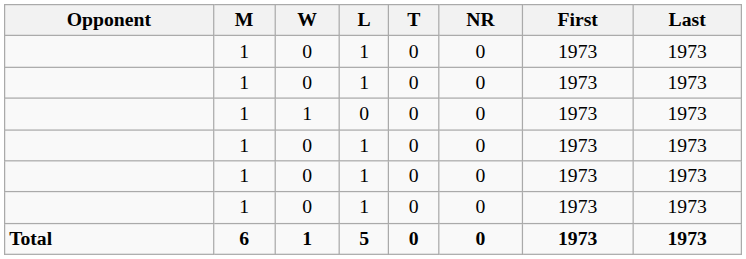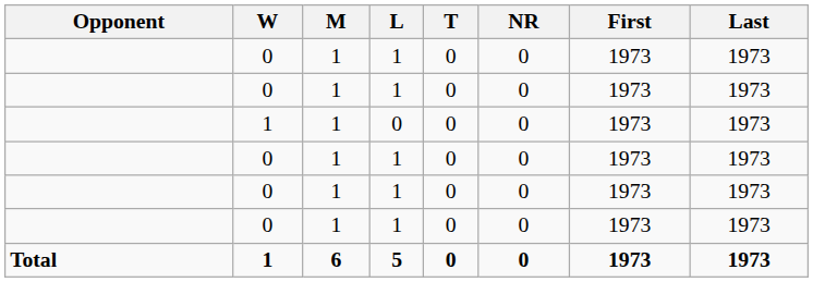 <table class="wikitable" style="text-align: center; width: 600px;">
 <tr>
 <th>Opponent</th>
+<th>W</th>
 <th>M</th>
-<th>W</th>
 <th>L</th>
 <th>T</th>
 <th>NR</th>
 <th>First</th>
 <th>Last</th>
 </tr>
 <tr>
 <td align=left></td>
+<td>0</td>
 <td>1</td>
-<td>0</td>
 <td>1</td>
 <td>0</td>
 <td>0</td>
 <td>1973</td>
 <td>1973</td>
 </tr>
 <tr>
 <td align=left></td>
+<td>0</td>
 <td>1</td>
-<td>0</td>
 <td>1</td>
 <td>0</td>
 <td>0</td>
 <td>1973</td>
 <td>1973</td>
 </tr>
 <tr>
 <td align=left></td>
 <td>1</td>
 <td>1</td>
 <td>0</td>
 <td>0</td>
 <td>0</td>
 <td>1973</td>
 <td>1973</td>
 </tr>
 <tr>
 <td align=left></td>
+<td>0</td>
 <td>1</td>
-<td>0</td>
 <td>1</td>
 <td>0</td>
 <td>0</td>
 <td>1973</td>
 <td>1973</td>
 </tr>
 <tr>
 <td align=left></td>
+<td>0</td>
 <td>1</td>
-<td>0</td>
 <td>1</td>
 <td>0</td>
 <td>0</td>
 <td>1973</td>
 <td>1973</td>
 </tr>
 <tr>
 <td align=left></td>
+<td>0</td>
 <td>1</td>
-<td>0</td>
 <td>1</td>
 <td>0</td>
 <td>0</td>
 <td>1973</td>
 <td>1973</td>
 </tr>
 <tr>
 <td align=left><strong>Total</strong></td>
+<td><strong>1</strong></td>
 <td><strong>6</strong></td>
-<td><strong>1</strong></td>
 <td><strong>5</strong></td>
 <td><strong>0</strong></td>
 <td><strong>0</strong></td>
 <td><strong>1973</strong></td>
 <td><strong>1973</strong></td>
 </tr>
 </table>
